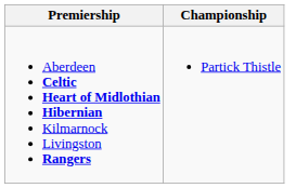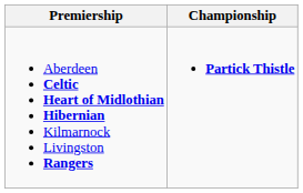 <table class="wikitable">
 <tr>
 <th>Premiership</th>
 <th>Championship</th>
 </tr>
 <tr>
 <td valign=top><br><ul><li><a href='#'>Aberdeen</a></li><li><strong><a href='#'>Celtic</a></strong></li><li><strong><a href='#'>Heart of Midlothian</a></strong></li><li><strong><a href='#'>Hibernian</a></strong></li><li><a href='#'>Kilmarnock</a></li><li><a href='#'>Livingston</a></li><li><strong><a href='#'>Rangers</a></strong></li></ul></td>
-<td valign=top><br><ul><li><a href='#'>Partick Thistle</a></li></ul></td>
+<td valign=top><strong><br><ul><li><a href='#'>Partick Thistle</a></li></ul></strong></td>
 </tr>
 </table>
